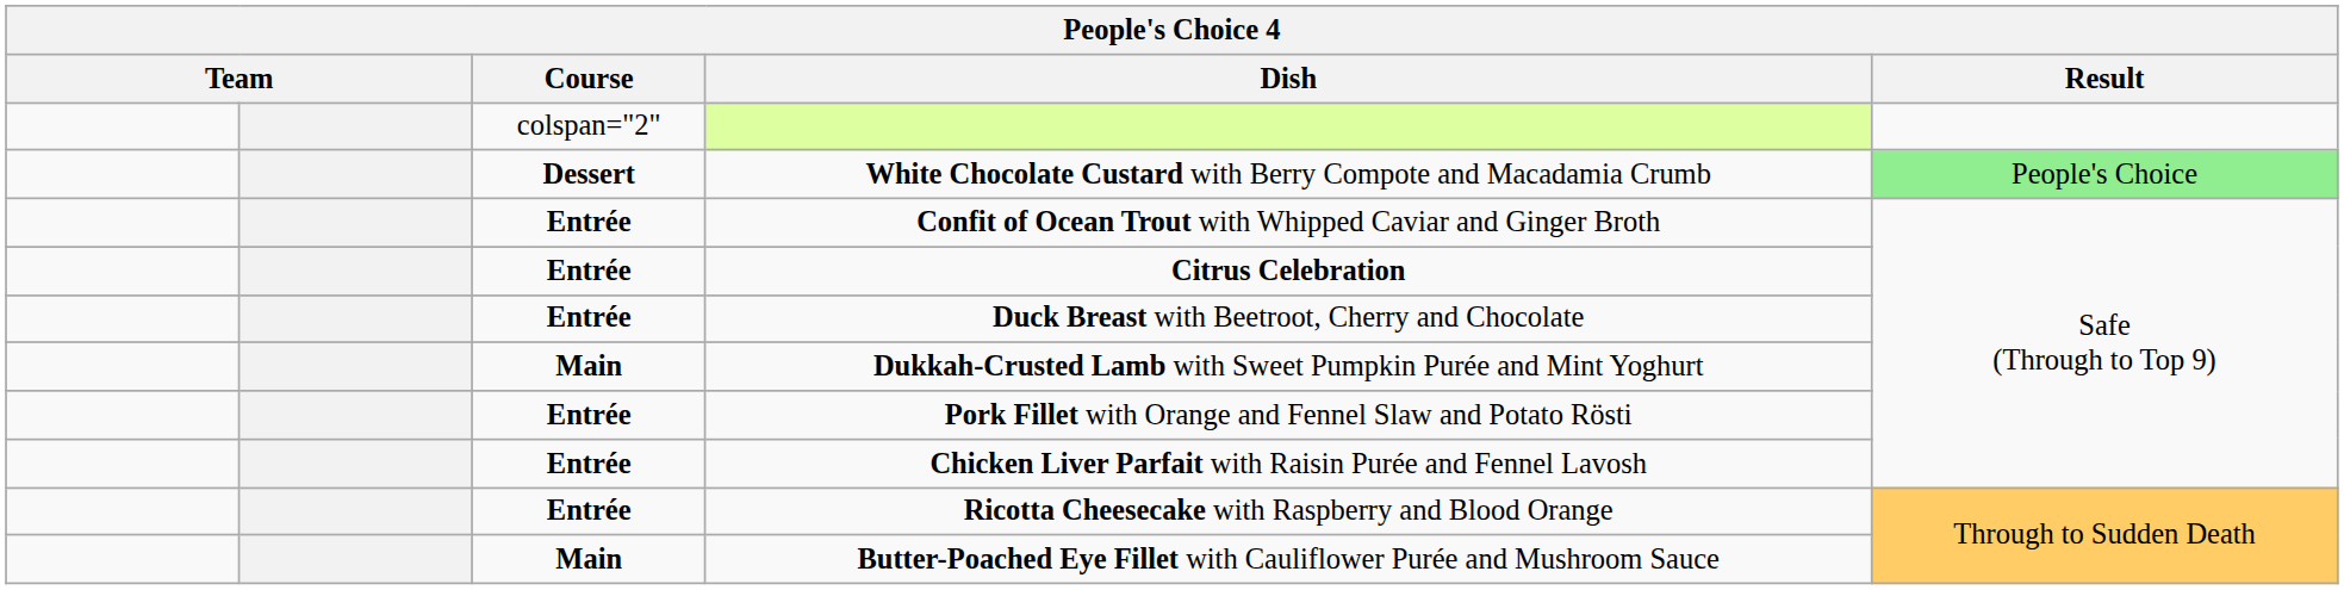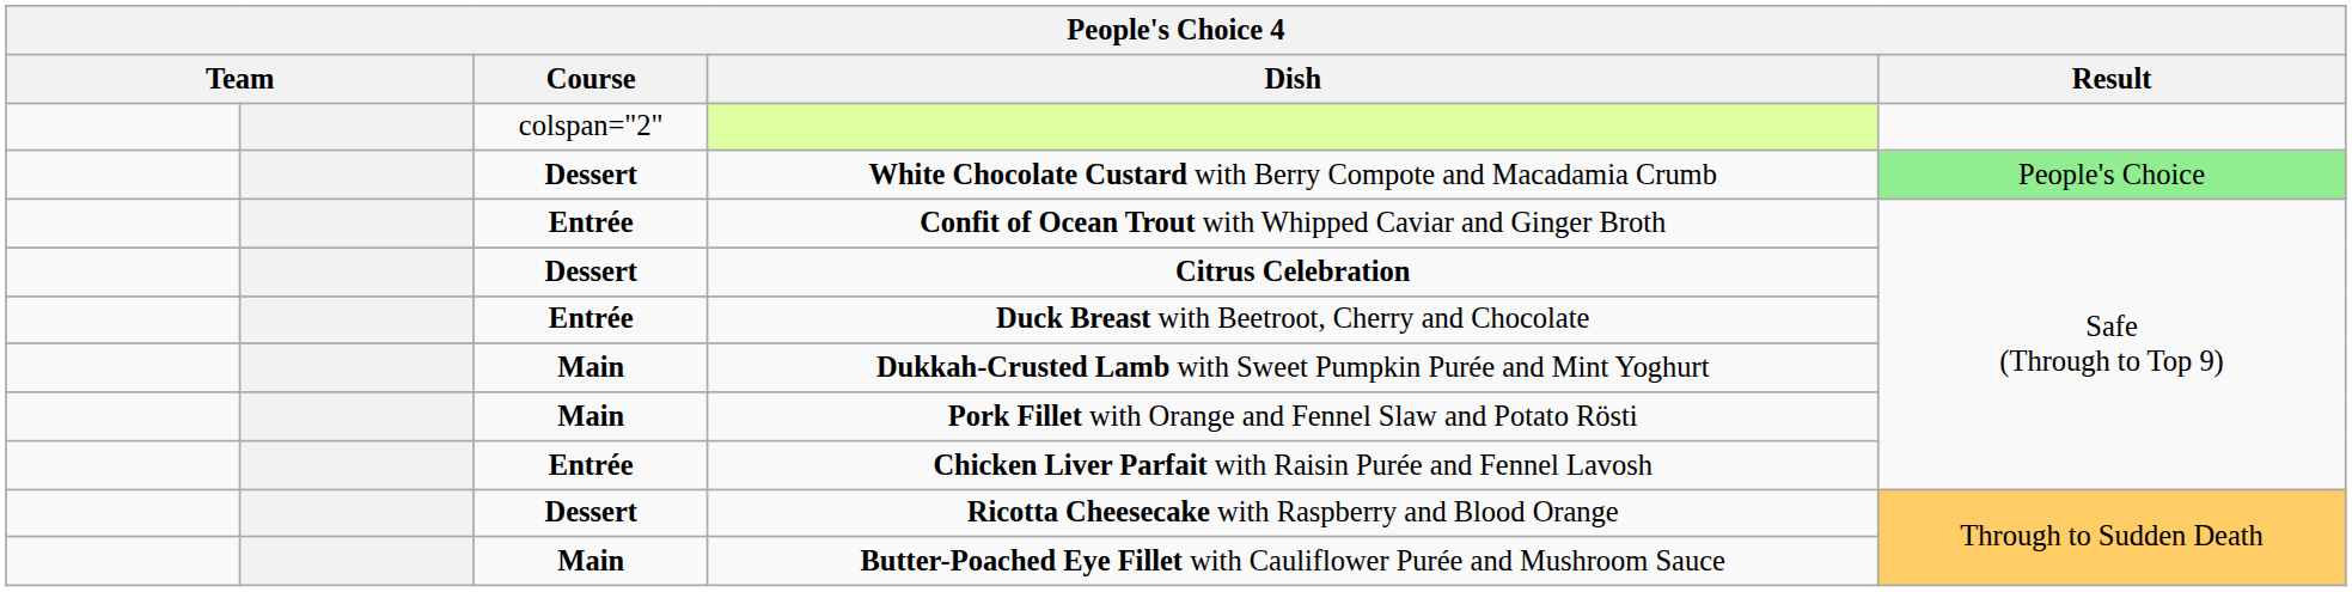 <table class="wikitable plainrowheaders" style="margin:1em auto; text-align:center; font-size:90%; width:80em;">
 <tr>
 <th colspan="5" >People's Choice 4</th>
 </tr>
 <tr>
 <th style="width:20%;" colspan="2">Team</th>
 <th style="width:10%;">Course</th>
 <th style="width:50%;">Dish</th>
 <th style="width:20%;">Result</th>
 </tr>
 <tr>
 <td></td>
 <th></th>
 <td>colspan="2" </td>
 <td bgcolor="DDFF9F"></td>
 </tr>
 <tr>
 <td></td>
 <th></th>
 <td><strong>Dessert</strong></td>
 <td><strong>White Chocolate Custard</strong> with Berry Compote and Macadamia Crumb</td>
 <td bgcolor="lightgreen">People's Choice</td>
 </tr>
 <tr>
 <td></td>
 <th></th>
 <td><strong>Entrée</strong></td>
 <td><strong>Confit of Ocean Trout</strong> with Whipped Caviar and Ginger Broth</td>
 <td rowspan="6">Safe<br>(Through to Top 9)</td>
 </tr>
 <tr>
 <td></td>
 <th></th>
-<td><strong>Entrée</strong></td>
+<td><strong>Dessert</strong></td>
 <td><strong>Citrus Celebration</strong></td>
 </tr>
 <tr>
 <td></td>
 <th></th>
 <td><strong>Entrée</strong></td>
 <td><strong>Duck Breast</strong> with Beetroot, Cherry and Chocolate</td>
 </tr>
 <tr>
 <td></td>
 <th></th>
 <td><strong>Main</strong></td>
 <td><strong>Dukkah-Crusted Lamb</strong> with Sweet Pumpkin Purée and Mint Yoghurt</td>
 </tr>
 <tr>
 <td></td>
 <th></th>
-<td><strong>Entrée</strong></td>
+<td><strong>Main</strong></td>
 <td><strong>Pork Fillet</strong> with Orange and Fennel Slaw and Potato Rösti</td>
 </tr>
 <tr>
 <td></td>
 <th></th>
 <td><strong>Entrée</strong></td>
 <td><strong>Chicken Liver Parfait</strong> with Raisin Purée and Fennel Lavosh</td>
 </tr>
 <tr>
 <td></td>
 <th></th>
-<td><strong>Entrée</strong></td>
+<td><strong>Dessert</strong></td>
 <td><strong>Ricotta Cheesecake</strong> with Raspberry and Blood Orange</td>
 <td rowspan="2" bgcolor="FFCC66">Through to Sudden Death</td>
 </tr>
 <tr>
 <td></td>
 <th></th>
 <td><strong>Main</strong></td>
 <td><strong>Butter-Poached Eye Fillet</strong> with Cauliflower Purée and Mushroom Sauce</td>
 </tr>
 </table>
